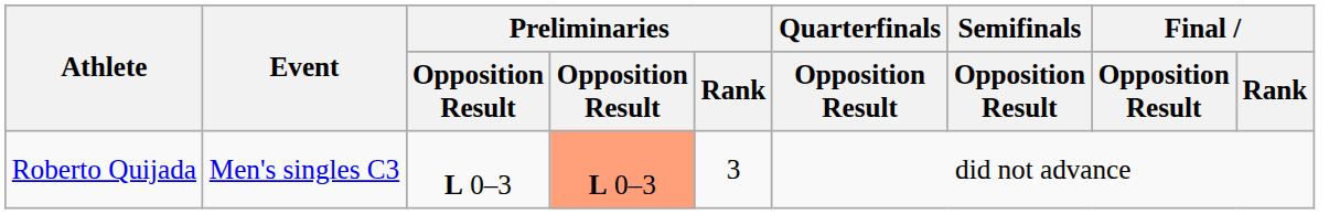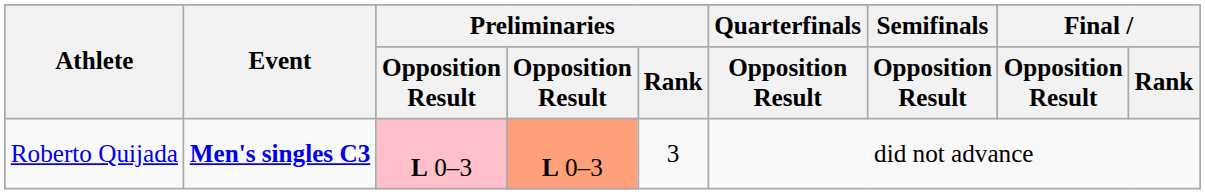 <table class=wikitable style="font-size:90%">
 <tr>
 <th rowspan="2">Athlete</th>
 <th rowspan="2">Event</th>
 <th colspan="3">Preliminaries</th>
 <th>Quarterfinals</th>
 <th>Semifinals</th>
 <th colspan="2">Final / </th>
 </tr>
 <tr>
 <th>Opposition<br>Result</th>
 <th>Opposition<br>Result</th>
 <th>Rank</th>
 <th>Opposition<br>Result</th>
 <th>Opposition<br>Result</th>
 <th>Opposition<br>Result</th>
 <th>Rank</th>
 </tr>
 <tr>
 <td><a href='#'>Roberto Quijada</a></td>
-<td><a href='#'>Men's singles C3</a></td>
-<td align="center"><br><strong>L</strong> 0–3</td>
+<td><strong><a href='#'>Men's singles C3</a></strong></td>
+<td align="center" style="background: pink;"><br><strong>L</strong> 0–3</td>
 <td align="center" style="background: lightsalmon;"><br><strong>L</strong> 0–3</td>
 <td align="center">3</td>
 <td align="center" colspan="4">did not advance</td>
 </tr>
 </table>
